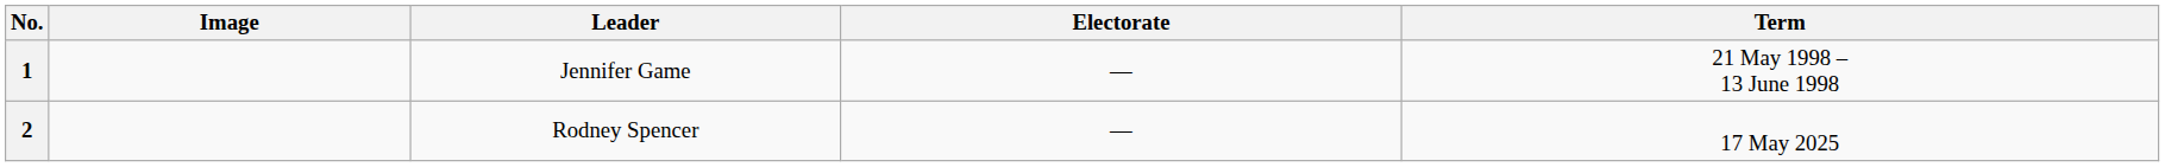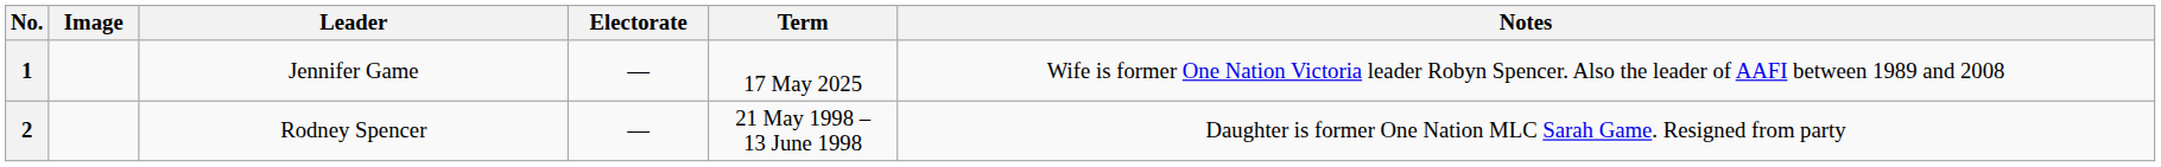 <table class="wikitable" style="text-align:center">
 <tr>
 <th width=2%>No.</th>
 <th>Image</th>
 <th style="width:20%;">Leader</th>
 <th>Electorate</th>
 <th>Term</th>
+<th>Notes</th>
 </tr>
 <tr>
 <th style="background:">1</th>
 <td></td>
 <td>Jennifer Game</td>
 <td>—</td>
-<td>21 May 1998 –<br>13 June 1998</td>
+<td><br>17 May 2025</td>
+<td>Wife is former <a href='#'>One Nation Victoria</a> leader Robyn Spencer. Also the leader of <a href='#'>AAFI</a> between 1989 and 2008</td>
 </tr>
 <tr>
 <th style="background:">2</th>
 <td></td>
 <td>Rodney Spencer</td>
 <td>—</td>
-<td><br>17 May 2025</td>
+<td>21 May 1998 –<br>13 June 1998</td>
+<td>Daughter is former One Nation MLC <a href='#'>Sarah Game</a>. Resigned from party</td>
 </tr>
 </table>
